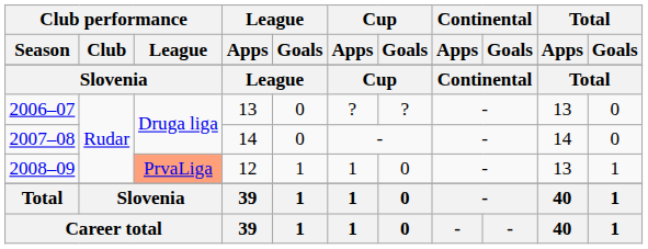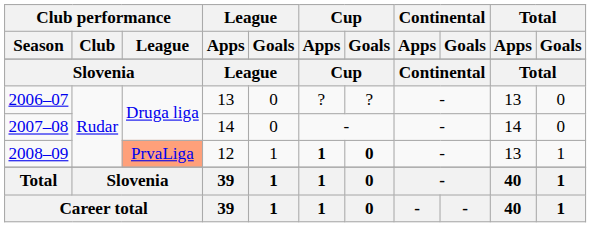 <table class="wikitable" style="text-align:center">
 <tr>
 <th colspan=3>Club performance</th>
 <th colspan=2>League</th>
 <th colspan=2>Cup</th>
 <th colspan=2>Continental</th>
 <th colspan=2>Total</th>
 </tr>
 <tr>
 <th>Season</th>
 <th>Club</th>
 <th>League</th>
 <th>Apps</th>
 <th>Goals</th>
 <th>Apps</th>
 <th>Goals</th>
 <th>Apps</th>
 <th>Goals</th>
 <th>Apps</th>
 <th>Goals</th>
 </tr>
 <tr>
 </tr>
 <tr>
 <th colspan=3>Slovenia</th>
 <th colspan=2>League</th>
 <th colspan=2>Cup</th>
 <th colspan=2>Continental</th>
 <th colspan=2>Total</th>
 </tr>
 <tr>
 <td><a href='#'>2006–07</a></td>
 <td rowspan="3"><a href='#'>Rudar</a></td>
 <td rowspan="2"><a href='#'>Druga liga</a></td>
 <td>13</td>
 <td>0</td>
 <td>?</td>
 <td>?</td>
 <td colspan="2">-</td>
 <td>13</td>
 <td>0</td>
 </tr>
 <tr>
 <td><a href='#'>2007–08</a></td>
 <td>14</td>
 <td>0</td>
 <td colspan="2">-</td>
 <td colspan="2">-</td>
 <td>14</td>
 <td>0</td>
 </tr>
 <tr>
 <td><a href='#'>2008–09</a></td>
 <td style="background: lightsalmon;"><a href='#'>PrvaLiga</a></td>
 <td>12</td>
 <td>1</td>
-<td>1</td>
-<td>0</td>
+<td><strong>1</strong></td>
+<td><strong>0</strong></td>
 <td colspan="2">-</td>
 <td>13</td>
 <td>1</td>
 </tr>
 <tr>
 </tr>
 <tr>
 <th rowspan=1>Total</th>
 <th colspan=2>Slovenia</th>
 <th>39</th>
 <th>1</th>
 <th>1</th>
 <th>0</th>
 <th colspan="2">-</th>
 <th>40</th>
 <th>1</th>
 </tr>
 <tr>
 <th colspan=3>Career total</th>
 <th>39</th>
 <th>1</th>
 <th>1</th>
 <th>0</th>
 <th>-</th>
 <th>-</th>
 <th>40</th>
 <th>1</th>
 </tr>
 </table>
